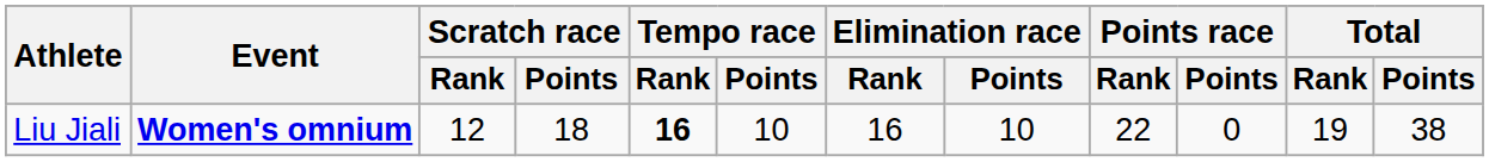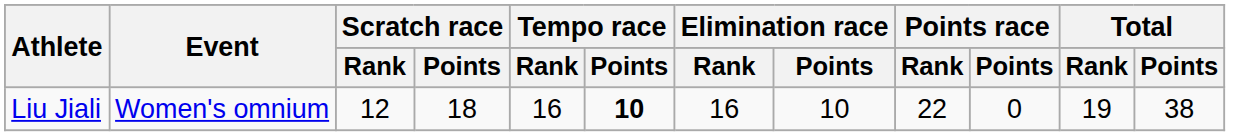 <table class=wikitable style=font-size:90%;text-align:center>
 <tr>
 <th rowspan=2>Athlete</th>
 <th rowspan=2>Event</th>
 <th colspan=2>Scratch race</th>
 <th colspan=2>Tempo race</th>
 <th colspan=2>Elimination race</th>
 <th colspan=2>Points race</th>
 <th colspan=2>Total</th>
 </tr>
 <tr style=font-size:95%>
 <th>Rank</th>
 <th>Points</th>
 <th>Rank</th>
 <th>Points</th>
 <th>Rank</th>
 <th>Points</th>
 <th>Rank</th>
 <th>Points</th>
 <th>Rank</th>
 <th>Points</th>
 </tr>
 <tr>
 <td align=left><a href='#'>Liu Jiali</a></td>
-<td align=left><strong><a href='#'>Women's omnium</a></strong></td>
+<td align=left><a href='#'>Women's omnium</a></td>
 <td>12</td>
 <td>18</td>
-<td><strong>16</strong></td>
-<td>10</td>
+<td>16</td>
+<td><strong>10</strong></td>
 <td>16</td>
 <td>10</td>
 <td>22</td>
 <td>0</td>
 <td>19</td>
 <td>38</td>
 </tr>
 </table>
